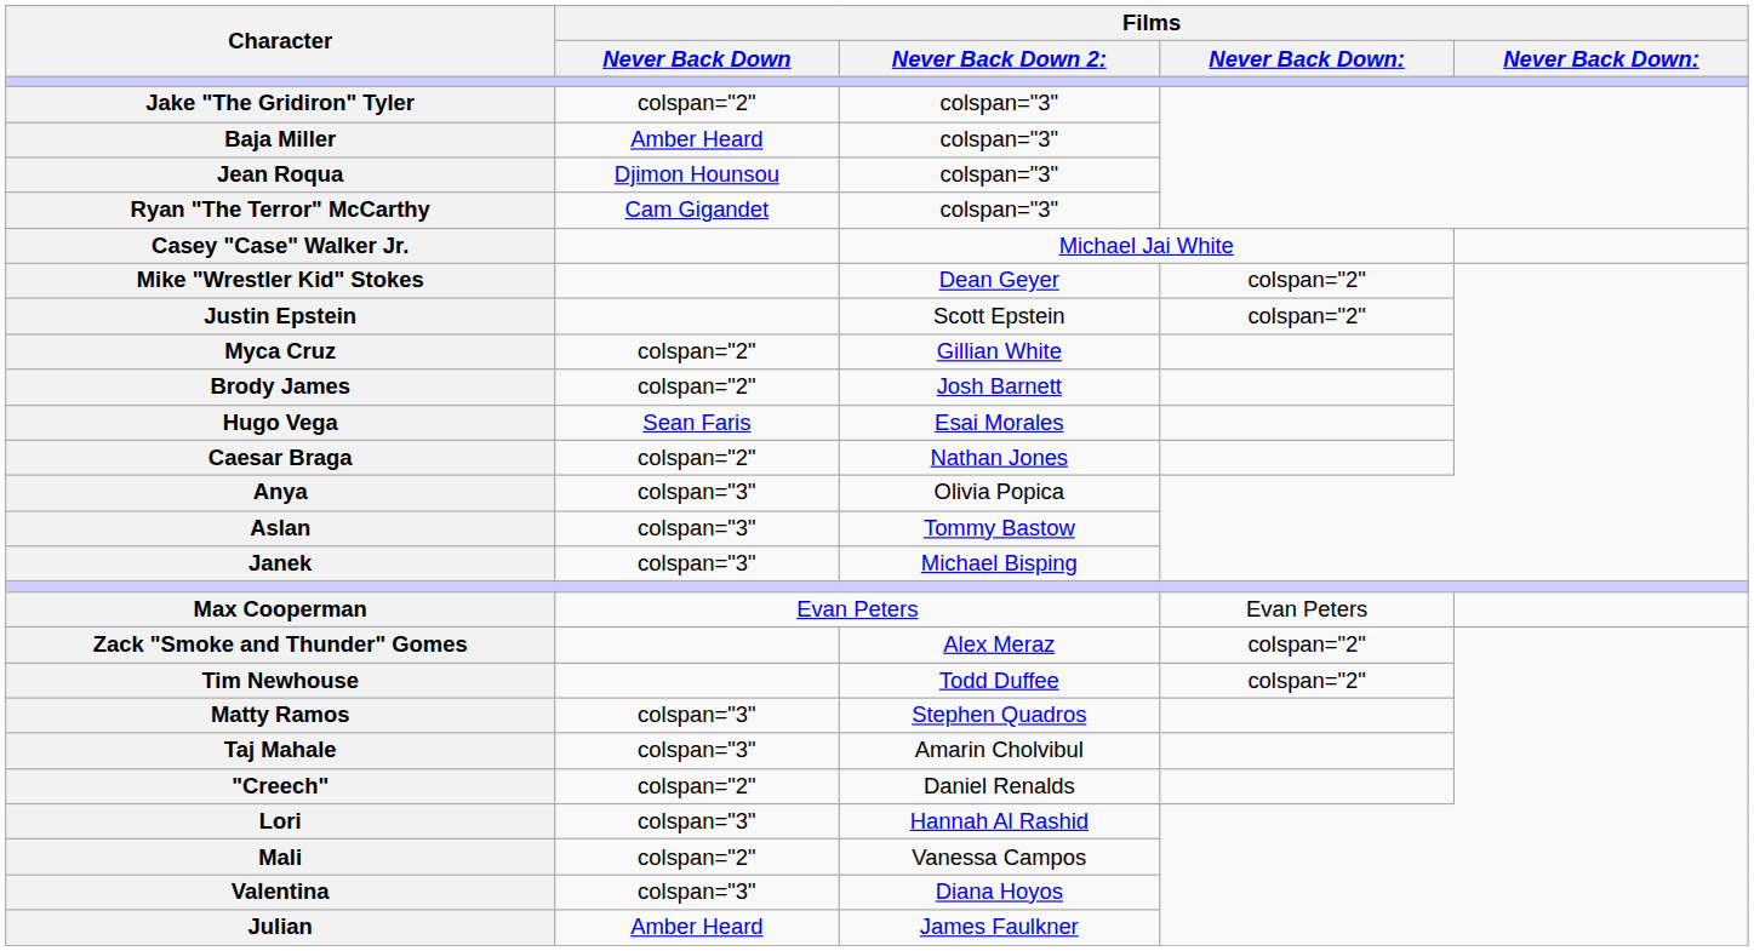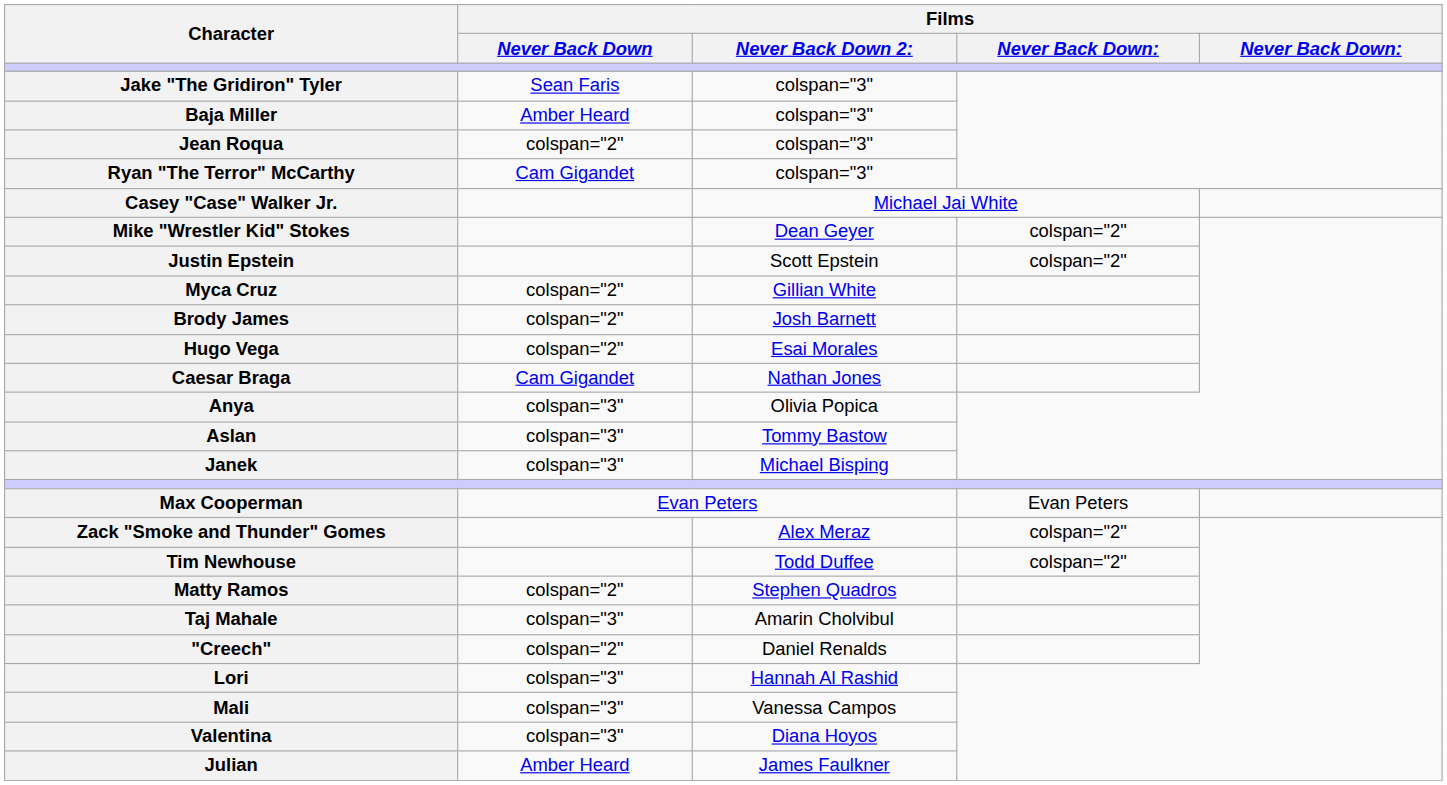 <table class="wikitable" style="text-align:center; width:99%;">
 <tr>
 <th rowspan="2">Character</th>
 <th colspan="5" style="text-align:center;">Films</th>
 </tr>
 <tr>
 <th style="text-align:center;"><em><a href='#'>Never Back Down</a></em></th>
 <th style="text-align:center;"><em><a href='#'>Never Back Down 2: <br></a></em></th>
 <th style="text-align:center;"><em><a href='#'>Never Back Down: <br></a></em></th>
 <th style="text-align:center;"><em><a href='#'>Never Back Down: <br></a></em></th>
 </tr>
 <tr>
 <th style="background-color:#ccccff;" colspan="5"></th>
 </tr>
 <tr>
 <th>Jake "The Gridiron" Tyler</th>
-<td>colspan="2" </td>
+<td><a href='#'>Sean Faris</a></td>
 <td>colspan="3" </td>
 </tr>
 <tr>
 <th>Baja Miller</th>
 <td><a href='#'>Amber Heard</a></td>
 <td>colspan="3" </td>
 </tr>
 <tr>
 <th>Jean Roqua</th>
-<td><a href='#'>Djimon Hounsou</a></td>
+<td>colspan="2" </td>
 <td>colspan="3" </td>
 </tr>
 <tr>
 <th>Ryan "The Terror" McCarthy</th>
 <td><a href='#'>Cam Gigandet</a></td>
 <td>colspan="3" </td>
 </tr>
 <tr>
 <th>Casey "Case" Walker Jr.</th>
 <td></td>
 <td colspan="2"><a href='#'>Michael Jai White</a></td>
 <td></td>
 </tr>
 <tr>
 <th>Mike "Wrestler Kid" Stokes</th>
 <td></td>
 <td><a href='#'>Dean Geyer</a></td>
 <td>colspan="2" </td>
 </tr>
 <tr>
 <th>Justin Epstein</th>
 <td></td>
 <td>Scott Epstein</td>
 <td>colspan="2" </td>
 </tr>
 <tr>
 <th>Myca Cruz</th>
 <td>colspan="2" </td>
 <td><a href='#'>Gillian White</a></td>
 <td></td>
 </tr>
 <tr>
 <th>Brody James</th>
 <td>colspan="2" </td>
 <td><a href='#'>Josh Barnett</a></td>
 <td></td>
 </tr>
 <tr>
 <th>Hugo Vega</th>
-<td><a href='#'>Sean Faris</a></td>
+<td>colspan="2" </td>
 <td><a href='#'>Esai Morales</a></td>
 <td></td>
 </tr>
 <tr>
 <th>Caesar Braga</th>
-<td>colspan="2" </td>
+<td><a href='#'>Cam Gigandet</a></td>
 <td><a href='#'>Nathan Jones</a></td>
 <td></td>
 </tr>
 <tr>
 <th>Anya</th>
 <td>colspan="3" </td>
 <td>Olivia Popica</td>
 </tr>
 <tr>
 <th>Aslan</th>
 <td>colspan="3" </td>
 <td><a href='#'>Tommy Bastow</a></td>
 </tr>
 <tr>
 <th>Janek</th>
 <td>colspan="3" </td>
 <td><a href='#'>Michael Bisping</a></td>
 </tr>
 <tr>
 <th style="background-color:#ccccff;" colspan="5"></th>
 </tr>
 <tr>
 <th>Max Cooperman</th>
 <td colspan="2"><a href='#'>Evan Peters</a></td>
 <td>Evan Peters</td>
 <td></td>
 </tr>
 <tr>
 <th>Zack "Smoke and Thunder" Gomes</th>
 <td></td>
 <td><a href='#'>Alex Meraz</a></td>
 <td>colspan="2" </td>
 </tr>
 <tr>
 <th>Tim Newhouse</th>
 <td></td>
 <td><a href='#'>Todd Duffee</a></td>
 <td>colspan="2" </td>
 </tr>
 <tr>
 <th>Matty Ramos</th>
-<td>colspan="3" </td>
+<td>colspan="2" </td>
 <td><a href='#'>Stephen Quadros</a></td>
 <td></td>
 </tr>
 <tr>
 <th>Taj Mahale</th>
 <td>colspan="3" </td>
 <td>Amarin Cholvibul</td>
 <td></td>
 </tr>
 <tr>
 <th>"Creech"</th>
 <td>colspan="2" </td>
 <td>Daniel Renalds</td>
 <td></td>
 </tr>
 <tr>
 <th>Lori</th>
 <td>colspan="3" </td>
 <td><a href='#'>Hannah Al Rashid</a></td>
 </tr>
 <tr>
 <th>Mali</th>
-<td>colspan="2" </td>
+<td>colspan="3" </td>
 <td>Vanessa Campos</td>
 </tr>
 <tr>
 <th>Valentina</th>
 <td>colspan="3" </td>
 <td><a href='#'>Diana Hoyos</a></td>
 </tr>
 <tr>
 <th>Julian</th>
 <td><a href='#'>Amber Heard</a></td>
 <td><a href='#'>James Faulkner</a></td>
 </tr>
 <tr>
 </tr>
 </table>
